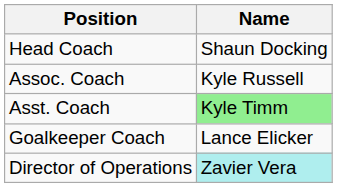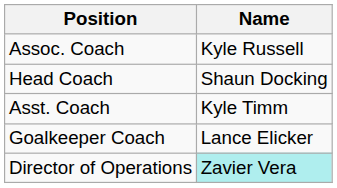 <table class= "wikitable">
 <tr>
 <th width=px>Position</th>
 <th width=px>Name</th>
 </tr>
 <tr>
+<td>Assoc. Coach</td>
+<td> Kyle Russell</td>
+</tr>
+<tr>
 <td>Head Coach</td>
 <td> Shaun Docking</td>
 </tr>
 <tr>
-<td>Assoc. Coach</td>
-<td> Kyle Russell</td>
-</tr>
-<tr>
 <td>Asst. Coach</td>
-<td style="background: lightgreen;"> Kyle Timm</td>
+<td> Kyle Timm</td>
 </tr>
 <tr>
 <td>Goalkeeper Coach</td>
 <td> Lance Elicker</td>
 </tr>
 <tr>
 <td>Director of Operations</td>
 <td style="background: paleturquoise;"> Zavier Vera</td>
 </tr>
 </table>
